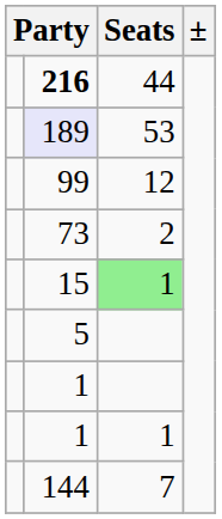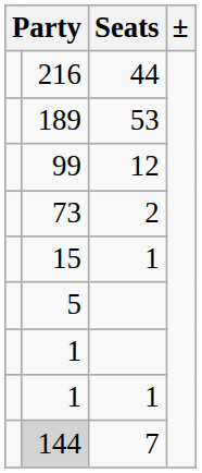 <table class=wikitable>
 <tr>
 <th colspan=2 align=center>Party</th>
 <th valign=top>Seats</th>
 <th valign=top>±</th>
 </tr>
 <tr>
 <td></td>
-<td align=right><strong>216</strong></td>
+<td align=right>216</td>
 <td align=right>44</td>
 </tr>
 <tr>
 <td></td>
-<td align=right style="background: lavender;">189</td>
+<td align=right>189</td>
 <td align=right>53</td>
 </tr>
 <tr>
 <td></td>
 <td align=right>99</td>
 <td align=right>12</td>
 </tr>
 <tr>
 <td></td>
 <td align=right>73</td>
 <td align=right>2</td>
 </tr>
 <tr>
 <td></td>
 <td align=right>15</td>
-<td align=right style="background: lightgreen;">1</td>
+<td align=right>1</td>
 </tr>
 <tr>
 <td></td>
 <td align=right>5</td>
 <td align=right></td>
 </tr>
 <tr>
 <td></td>
 <td align=right>1</td>
 <td align=right></td>
 </tr>
 <tr>
 <td></td>
 <td align=right>1</td>
 <td align=right>1</td>
 </tr>
 <tr>
 <td></td>
-<td align=right>144</td>
+<td align=right style="background: lightgrey;">144</td>
 <td align=right>7</td>
 </tr>
 </table>
